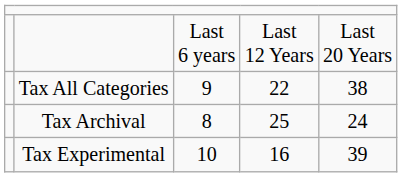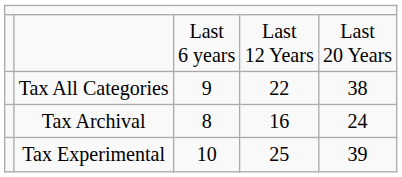 <table class="wikitable" style="text-align:center; float:left; font-size:95%; margin-right:2em">
 <tr>
 <td colspan="5" style="color: white;"></td>
 </tr>
 <tr valign="bottom">
 <td></td>
 <td></td>
 <td>Last<br>6 years</td>
 <td>Last<br>12 Years</td>
 <td>Last<br>20 Years</td>
 </tr>
 <tr>
 <td></td>
 <td>Tax All Categories</td>
 <td>9</td>
 <td>22</td>
 <td>38</td>
 </tr>
 <tr>
 <td style="text-align:left"></td>
 <td>Tax Archival</td>
 <td>8</td>
-<td>25</td>
+<td>16</td>
 <td>24</td>
 </tr>
 <tr>
 <td style="text-align:left"></td>
 <td>Tax Experimental</td>
 <td>10</td>
-<td>16</td>
+<td>25</td>
 <td>39</td>
 </tr>
 </table>
